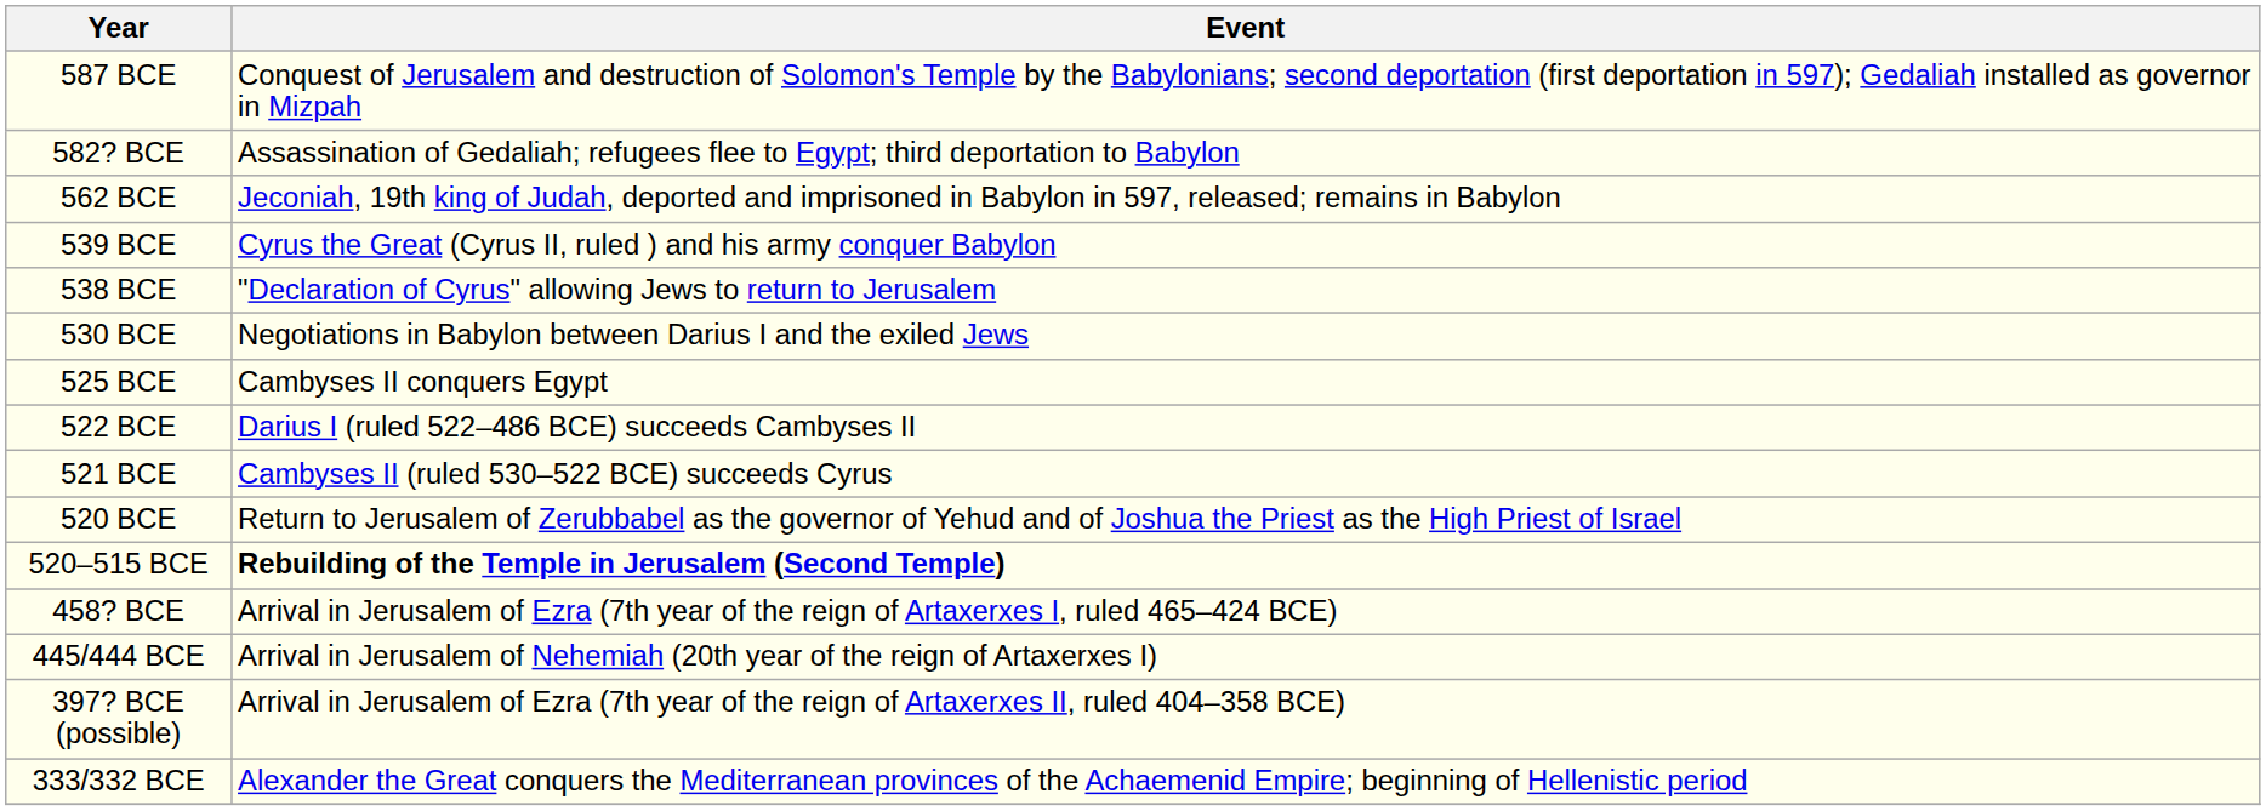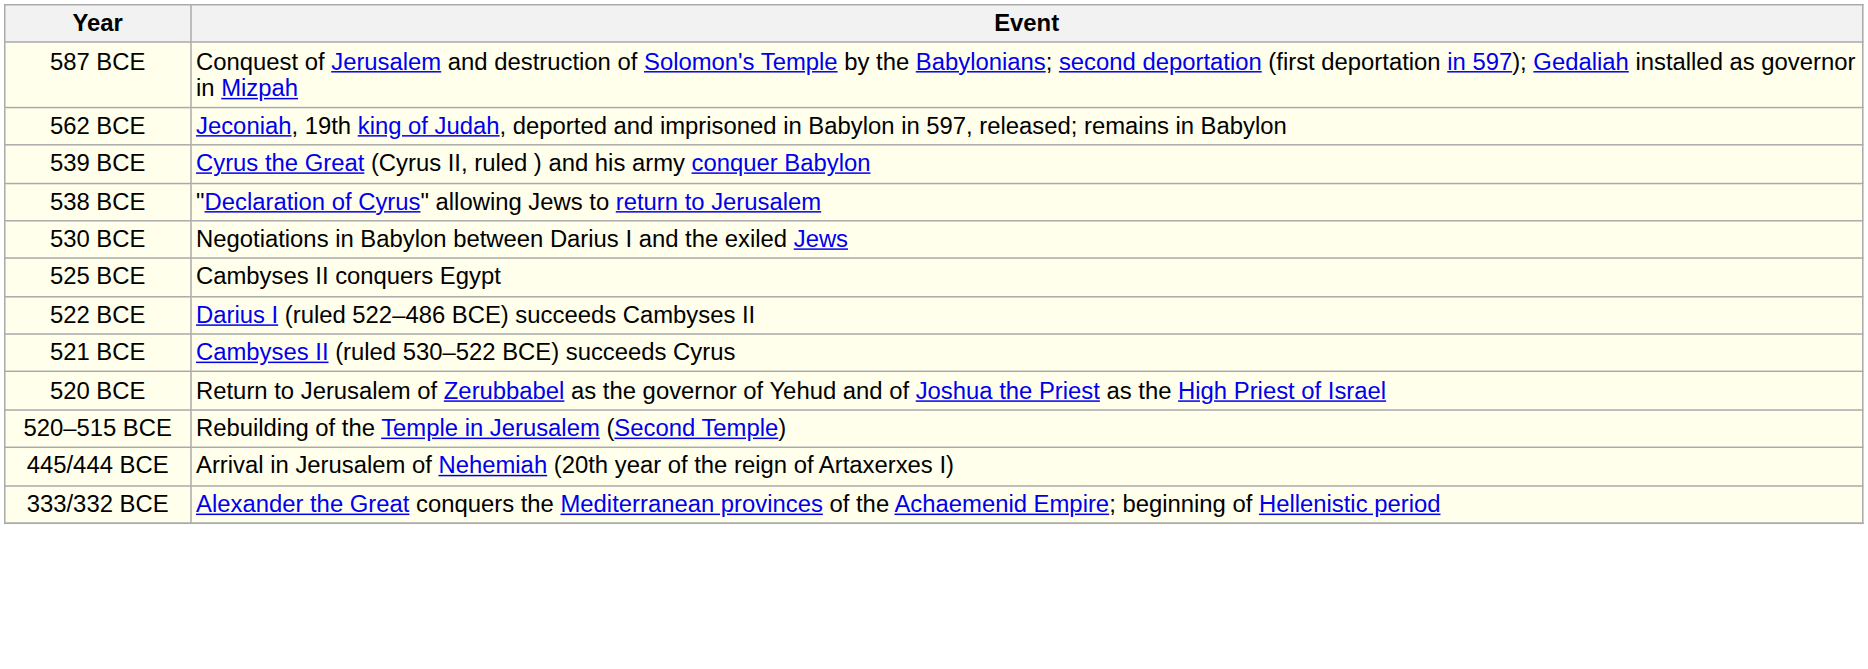 <table class="wikitable" style="align: center;">
 <tr>
 <th width="10%">Year</th>
 <th width="90%">Event<br></th>
 </tr>
 <tr bgcolor="#ffffec" align="left" valign=top>
 <td align="center">587 BCE</td>
 <td align="left">Conquest of <a href='#'>Jerusalem</a> and destruction of <a href='#'>Solomon's Temple</a> by the <a href='#'>Babylonians</a>; <a href='#'>second deportation</a> (first deportation <a href='#'>in 597</a>); <a href='#'>Gedaliah</a> installed as governor in <a href='#'>Mizpah</a></td>
-</tr>
-<tr bgcolor="#ffffec" align="left" valign=top>
-<td align="center">582? BCE</td>
-<td align="left">Assassination of Gedaliah; refugees flee to <a href='#'>Egypt</a>; third deportation to <a href='#'>Babylon</a></td>
 </tr>
 <tr bgcolor="#ffffec" align="left" valign=top>
 <td align="center">562 BCE</td>
 <td align="left"><a href='#'>Jeconiah</a>, 19th <a href='#'>king of Judah</a>, deported and imprisoned in Babylon in 597, released; remains in Babylon</td>
 </tr>
 <tr bgcolor="#ffffec" align="left" valign=top>
 <td align="center">539 BCE</td>
 <td align="left"><a href='#'>Cyrus the Great</a> (Cyrus II, ruled ) and his army <a href='#'>conquer Babylon</a></td>
 </tr>
 <tr bgcolor="#ffffec" align="left" valign=top>
 <td align="center">538 BCE</td>
 <td align="left">"<a href='#'>Declaration of Cyrus</a>" allowing Jews to <a href='#'>return to Jerusalem</a></td>
 </tr>
 <tr bgcolor="#ffffec" align="left" valign=top>
 <td align="center">530 BCE</td>
 <td align="left">Negotiations in Babylon between Darius I and the exiled <a href='#'>Jews</a></td>
 </tr>
 <tr bgcolor="#ffffec" align="left" valign=top>
 <td align="center">525 BCE</td>
 <td align="left">Cambyses II conquers Egypt</td>
 </tr>
 <tr bgcolor="#ffffec" align="left" valign=top>
 <td align="center">522 BCE</td>
 <td align="left"><a href='#'>Darius I</a> (ruled 522–486 BCE) succeeds Cambyses II</td>
 </tr>
 <tr bgcolor="#ffffec" align="left" valign=top>
 <td align="center">521 BCE</td>
 <td align="left"><a href='#'>Cambyses II</a> (ruled 530–522 BCE) succeeds Cyrus</td>
 </tr>
 <tr bgcolor="#ffffec" align="left" valign=top>
 <td align="center">520 BCE</td>
 <td align="left">Return to Jerusalem of <a href='#'>Zerubbabel</a> as the governor of Yehud and of <a href='#'>Joshua the Priest</a> as the <a href='#'>High Priest of Israel</a></td>
 </tr>
 <tr bgcolor="#ffffec" align="left" valign=top>
 <td align="center">520–515 BCE</td>
-<td align="left"><strong>Rebuilding of the <a href='#'>Temple in Jerusalem</a> (<a href='#'>Second Temple</a>)</strong></td>
-</tr>
-<tr bgcolor="#ffffec" align="left" valign=top>
-<td align="center">458? BCE</td>
-<td align="left">Arrival in Jerusalem of <a href='#'>Ezra</a> (7th year of the reign of <a href='#'>Artaxerxes I</a>, ruled 465–424 BCE)</td>
+<td align="left">Rebuilding of the <a href='#'>Temple in Jerusalem</a> (<a href='#'>Second Temple</a>)</td>
 </tr>
 <tr bgcolor="#ffffec" align="left" valign=top>
 <td align="center">445/444 BCE</td>
 <td align="left">Arrival in Jerusalem of <a href='#'>Nehemiah</a> (20th year of the reign of Artaxerxes I)</td>
-</tr>
-<tr bgcolor="#ffffec" align="left" valign=top>
-<td align="center">397? BCE<br>(possible)</td>
-<td align="left">Arrival in Jerusalem of Ezra (7th year of the reign of <a href='#'>Artaxerxes II</a>, ruled 404–358 BCE)</td>
 </tr>
 <tr bgcolor="#ffffec" align="left" valign=top>
 <td align="center">333/332 BCE</td>
 <td align="left"><a href='#'>Alexander the Great</a> conquers the <a href='#'>Mediterranean provinces</a> of the <a href='#'>Achaemenid Empire</a>; beginning of <a href='#'>Hellenistic period</a></td>
 </tr>
 <tr bgcolor="#ffffec" align="left" valign=top>
 </tr>
 </table>
